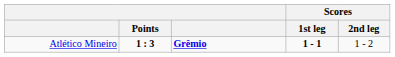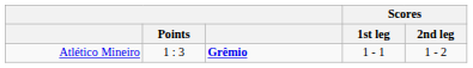 <table class="wikitable" style="text-align:center;">
 <tr>
 <th colspan=3></th>
 <th colspan=3>Scores</th>
 </tr>
 <tr>
 <th width="175"></th>
 <th width="75">Points</th>
 <th width="175"></th>
 <th width="75">1st leg</th>
 <th width="75">2nd leg</th>
 </tr>
 <tr>
 <td align=right><a href='#'>Atlético Mineiro</a></td>
-<td><strong>1 : 3</strong></td>
+<td>1 : 3</td>
 <td align=left><strong><a href='#'>Grêmio</a></strong></td>
-<td><strong>1 - 1</strong></td>
+<td>1 - 1</td>
 <td>1 - 2</td>
 </tr>
 </table>
